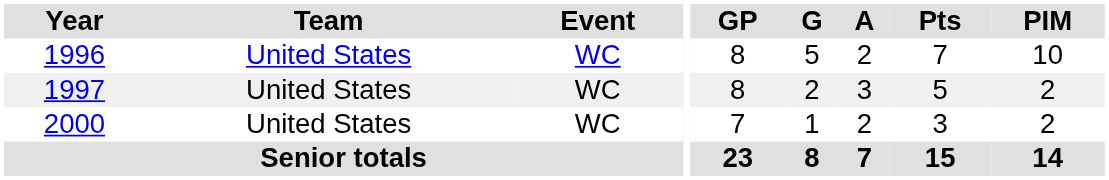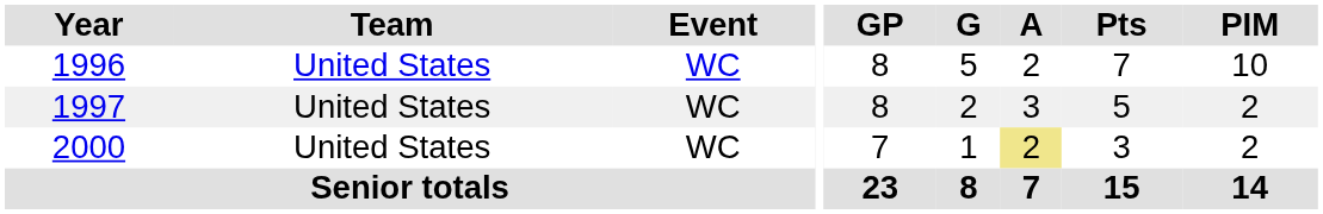 <table border="0" cellpadding="1" cellspacing="0" ID="Table3" style="text-align:center; width:40em">
 <tr ALIGN="center" bgcolor="#e0e0e0">
 <th>Year</th>
 <th>Team</th>
 <th>Event</th>
 <th rowspan="99" bgcolor="#ffffff"></th>
 <th>GP</th>
 <th>G</th>
 <th>A</th>
 <th>Pts</th>
 <th>PIM</th>
 </tr>
 <tr>
 <td><a href='#'>1996</a></td>
 <td><a href='#'>United States</a></td>
 <td><a href='#'>WC</a></td>
 <td>8</td>
 <td>5</td>
 <td>2</td>
 <td>7</td>
 <td>10</td>
 </tr>
 <tr bgcolor="#f0f0f0">
 <td><a href='#'>1997</a></td>
 <td>United States</td>
 <td>WC</td>
 <td>8</td>
 <td>2</td>
 <td>3</td>
 <td>5</td>
 <td>2</td>
 </tr>
 <tr>
 <td><a href='#'>2000</a></td>
 <td>United States</td>
 <td>WC</td>
 <td>7</td>
 <td>1</td>
-<td>2</td>
+<td style="background: khaki;">2</td>
 <td>3</td>
 <td>2</td>
 </tr>
 <tr bgcolor="#e0e0e0">
 <th colspan="3">Senior totals</th>
 <th>23</th>
 <th>8</th>
 <th>7</th>
 <th>15</th>
 <th>14</th>
 </tr>
 </table>
